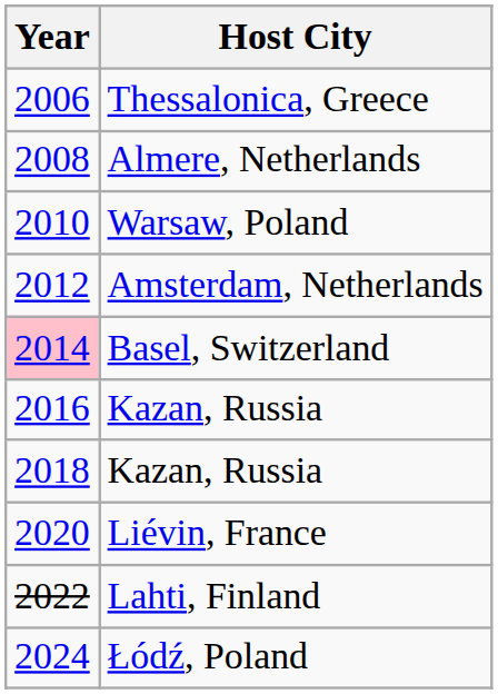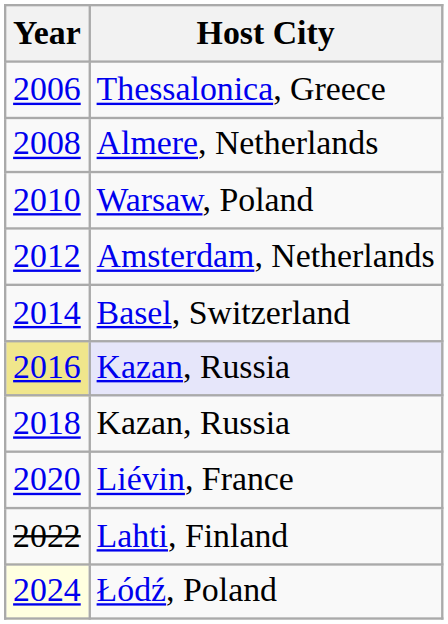 <table class="wikitable" style="font-size:90%">
 <tr>
 <th>Year</th>
 <th>Host City</th>
 </tr>
 <tr>
 <td><a href='#'>2006</a></td>
 <td><a href='#'>Thessalonica</a>, Greece</td>
 </tr>
 <tr>
 <td><a href='#'>2008</a></td>
 <td><a href='#'>Almere</a>, Netherlands</td>
 </tr>
 <tr>
 <td><a href='#'>2010</a></td>
 <td><a href='#'>Warsaw</a>, Poland</td>
 </tr>
 <tr>
 <td><a href='#'>2012</a></td>
 <td><a href='#'>Amsterdam</a>, Netherlands</td>
 </tr>
 <tr>
-<td style="background: pink;"><a href='#'>2014</a></td>
+<td><a href='#'>2014</a></td>
 <td><a href='#'>Basel</a>, Switzerland</td>
 </tr>
 <tr>
-<td><a href='#'>2016</a></td>
-<td><a href='#'>Kazan</a>, Russia</td>
+<td style="background: khaki;"><a href='#'>2016</a></td>
+<td style="background: lavender;"><a href='#'>Kazan</a>, Russia</td>
 </tr>
 <tr>
 <td><a href='#'>2018</a></td>
 <td>Kazan, Russia</td>
 </tr>
 <tr>
 <td><a href='#'>2020</a></td>
 <td><a href='#'>Liévin</a>, France</td>
 </tr>
 <tr>
 <td><s>2022</s></td>
 <td><a href='#'>Lahti</a>, Finland</td>
 </tr>
 <tr>
-<td><a href='#'>2024</a></td>
+<td style="background: lightyellow;"><a href='#'>2024</a></td>
 <td><a href='#'>Łódź</a>, Poland</td>
 </tr>
 </table>
